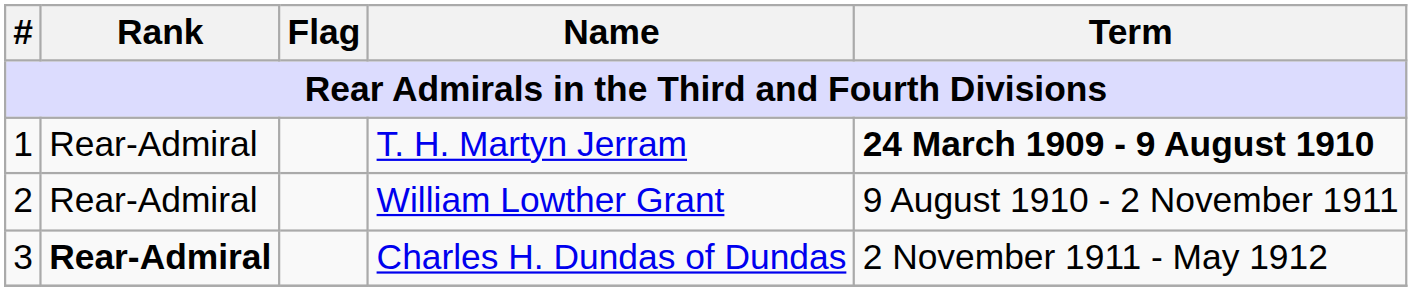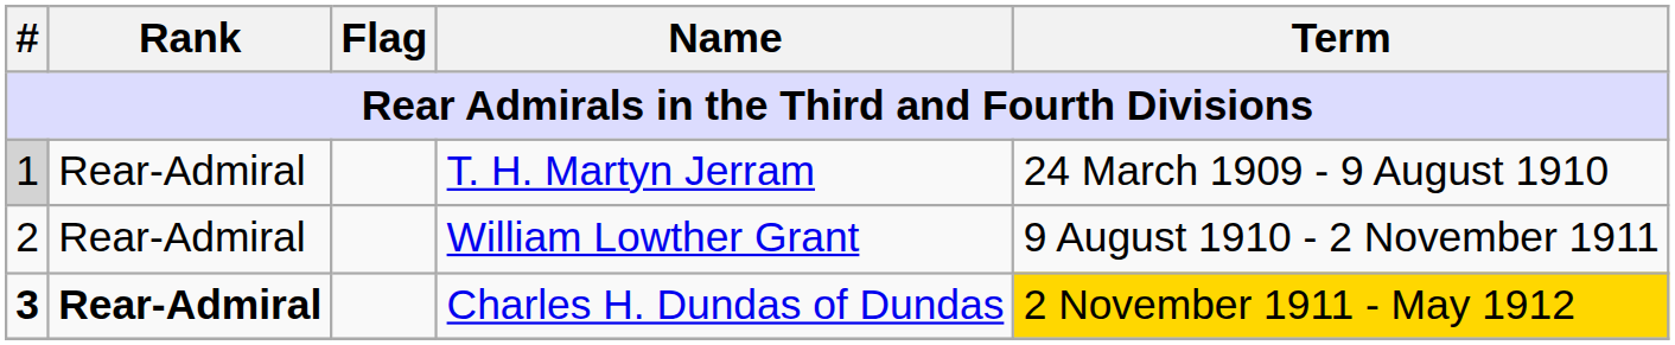 <table class="wikitable">
 <tr>
 <th>#</th>
 <th>Rank</th>
 <th>Flag</th>
 <th>Name</th>
 <th>Term</th>
 </tr>
 <tr>
 <td colspan="5" align="center" style="background:#dcdcfe;"><strong>Rear Admirals in the Third and Fourth Divisions</strong></td>
 </tr>
 <tr>
-<td>1</td>
+<td style="background: lightgrey;">1</td>
 <td>Rear-Admiral</td>
 <td></td>
 <td><a href='#'>T. H. Martyn Jerram</a></td>
-<td><strong>24 March 1909 -  9 August 1910</strong></td>
+<td>24 March 1909 -  9 August 1910</td>
 </tr>
 <tr>
 <td>2</td>
 <td>Rear-Admiral</td>
 <td></td>
 <td><a href='#'>William Lowther Grant</a></td>
 <td>9 August 1910 - 2 November 1911</td>
 </tr>
 <tr>
-<td>3</td>
+<td><strong>3</strong></td>
 <td><strong>Rear-Admiral</strong></td>
 <td></td>
 <td><a href='#'>Charles H. Dundas of Dundas</a></td>
-<td>2 November 1911 - May 1912</td>
+<td style="background: gold;">2 November 1911 - May 1912</td>
 </tr>
 <tr>
 </tr>
 </table>
